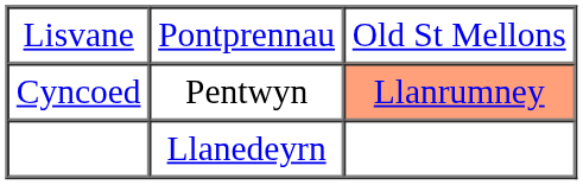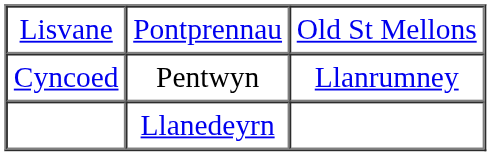 <table border=1 cellpadding=3 cellspacing=0 align=center style="text-align:center;">
 <tr>
 <td><a href='#'>Lisvane</a></td>
 <td><a href='#'>Pontprennau</a></td>
 <td><a href='#'>Old St Mellons</a></td>
 </tr>
 <tr>
 <td><a href='#'>Cyncoed</a></td>
 <td>Pentwyn</td>
-<td style="background: lightsalmon;"><a href='#'>Llanrumney</a></td>
+<td><a href='#'>Llanrumney</a></td>
 </tr>
 <tr>
 <td></td>
 <td><a href='#'>Llanedeyrn</a></td>
 <td></td>
 </tr>
 </table>
